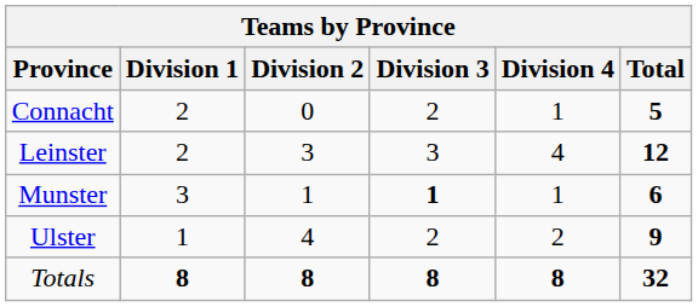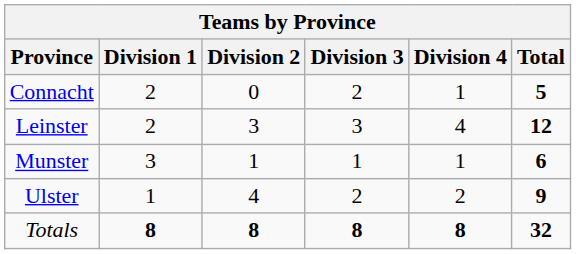 <table class="wikitable" style="text-align:center">
 <tr>
 <th colspan=6>Teams by Province</th>
 </tr>
 <tr>
 <th>Province</th>
 <th>Division 1</th>
 <th>Division 2</th>
 <th>Division 3</th>
 <th>Division 4</th>
 <th>Total</th>
 </tr>
 <tr>
 <td><a href='#'>Connacht</a></td>
 <td>2</td>
 <td>0</td>
 <td>2</td>
 <td>1</td>
 <td><strong>5</strong></td>
 </tr>
 <tr>
 <td><a href='#'>Leinster</a></td>
 <td>2</td>
 <td>3</td>
 <td>3</td>
 <td>4</td>
 <td><strong>12</strong></td>
 </tr>
 <tr>
 <td><a href='#'>Munster</a></td>
 <td>3</td>
 <td>1</td>
-<td><strong>1</strong></td>
+<td>1</td>
 <td>1</td>
 <td><strong>6</strong></td>
 </tr>
 <tr>
 <td><a href='#'>Ulster</a></td>
 <td>1</td>
 <td>4</td>
 <td>2</td>
 <td>2</td>
 <td><strong>9</strong></td>
 </tr>
 <tr>
 <td><em>Totals</em></td>
 <td><strong>8</strong></td>
 <td><strong>8</strong></td>
 <td><strong>8</strong></td>
 <td><strong>8</strong></td>
 <td><strong>32</strong></td>
 </tr>
 </table>
